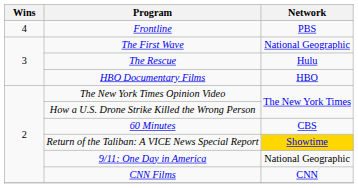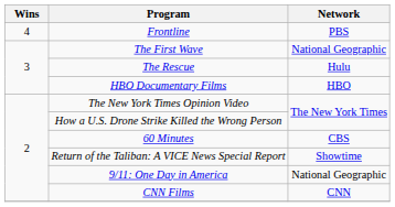 <table class="wikitable floatleft" style="text-align: center;">
 <tr>
 <th scope="col" style="width:55px;">Wins</th>
 <th scope="col" style="text-align:center;">Program</th>
 <th scope="col" style="text-align:center;">Network</th>
 </tr>
 <tr>
 <td scope=row style="text-align:center">4</td>
 <td><em><a href='#'>Frontline</a></em></td>
 <td><a href='#'>PBS</a></td>
 </tr>
 <tr>
 <td rowspan="3" scope=row style="text-align:center">3</td>
 <td><em><a href='#'>The First Wave</a></em></td>
 <td><a href='#'>National Geographic</a></td>
 </tr>
 <tr>
 <td><em><a href='#'>The Rescue</a></em></td>
 <td><a href='#'>Hulu</a></td>
 </tr>
 <tr>
 <td><em><a href='#'>HBO Documentary Films</a></em></td>
 <td><a href='#'>HBO</a></td>
 </tr>
 <tr>
 <td rowspan="6" scope=row style="text-align:center">2</td>
 <td><em>The New York Times Opinion Video</em></td>
 <td rowspan="2"><a href='#'>The New York Times</a></td>
 </tr>
 <tr>
 <td><em>How a U.S. Drone Strike Killed the Wrong Person</em></td>
 </tr>
 <tr>
 <td><em><a href='#'>60 Minutes</a></em></td>
 <td><a href='#'>CBS</a></td>
 </tr>
 <tr>
 <td><em>Return of the Taliban: A VICE News Special Report</em></td>
-<td style="background: gold;"><a href='#'>Showtime</a></td>
+<td><a href='#'>Showtime</a></td>
 </tr>
 <tr>
 <td><em><a href='#'>9/11: One Day in America</a></em></td>
 <td>National Geographic</td>
 </tr>
 <tr>
 <td><em><a href='#'>CNN Films</a></em></td>
 <td><a href='#'>CNN</a></td>
 </tr>
 <tr>
 </tr>
 </table>
